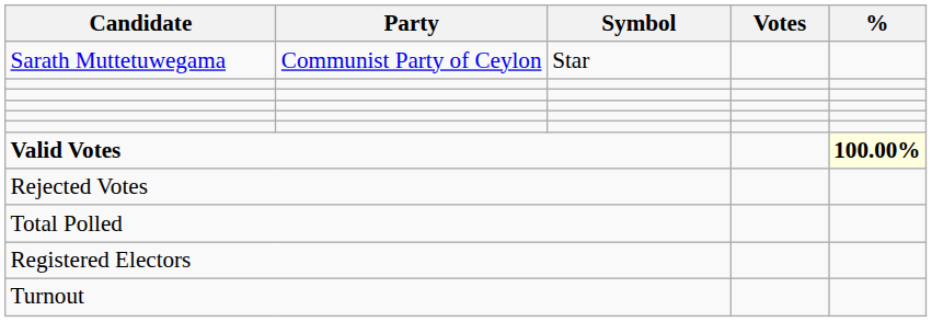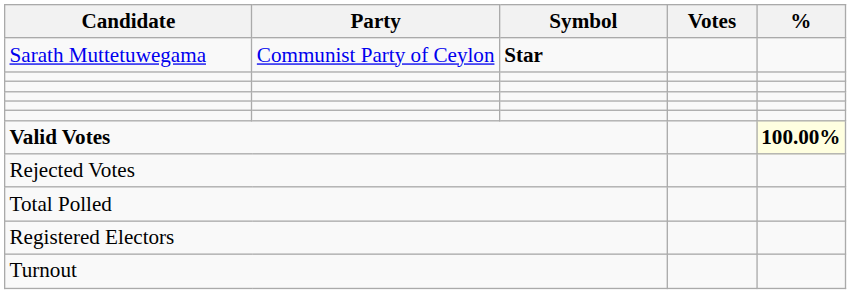 <table class="wikitable" border="1" style="text-align:right;">
 <tr>
 <th align=left width="180">Candidate</th>
 <th align=left width="180">Party</th>
 <th align=left width="120">Symbol</th>
 <th align=left width="60">Votes</th>
 <th align=left width="60">%</th>
 </tr>
 <tr>
 <td align=left><a href='#'>Sarath Muttetuwegama</a></td>
 <td align=left><a href='#'>Communist Party of Ceylon</a></td>
-<td align=left>Star</td>
+<td align=left><strong>Star</strong></td>
 <td></td>
 <td></td>
 </tr>
 <tr>
 <td align=left></td>
 <td align=left></td>
 <td></td>
 <td></td>
 <td></td>
 </tr>
 <tr>
 <td align=left></td>
 <td align=left></td>
 <td></td>
 <td></td>
 <td></td>
 </tr>
 <tr>
 <td align=left></td>
 <td align=left></td>
 <td></td>
 <td></td>
 <td></td>
 </tr>
 <tr>
 <td align=left></td>
 <td align=left></td>
 <td></td>
 <td></td>
 <td></td>
 </tr>
 <tr>
 <td align=left></td>
 <td align=left></td>
 <td></td>
 <td></td>
 <td></td>
 </tr>
 <tr>
 <td align=left colspan=3><strong>Valid Votes</strong></td>
 <td><strong> </strong></td>
 <td style="background: lightyellow;"><strong>100.00%</strong></td>
 </tr>
 <tr>
 <td align=left colspan=3>Rejected Votes</td>
 <td></td>
 <td></td>
 </tr>
 <tr>
 <td align=left colspan=3>Total Polled</td>
 <td></td>
 <td></td>
 </tr>
 <tr>
 <td align=left colspan=3>Registered Electors</td>
 <td></td>
 <td></td>
 </tr>
 <tr>
 <td align=left colspan=3>Turnout</td>
 <td></td>
 </tr>
 </table>
